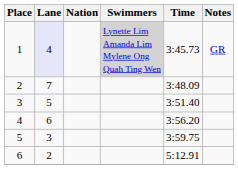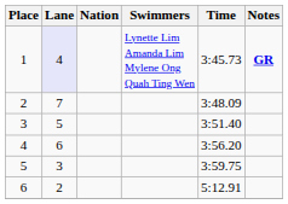 <table class="wikitable sortable" style="text-align:center">
 <tr>
 <th>Place</th>
 <th>Lane</th>
 <th>Nation</th>
 <th>Swimmers</th>
 <th>Time</th>
 <th>Notes</th>
 </tr>
 <tr>
 <td>1</td>
 <td style="background: lavender;">4</td>
 <td align=left></td>
-<td align=left style="background: lightgrey;"><small> <a href='#'>Lynette Lim</a> <br> <a href='#'>Amanda Lim</a> <br> <a href='#'>Mylene Ong</a> <br> <a href='#'>Quah Ting Wen</a> </small></td>
+<td align=left><small> <a href='#'>Lynette Lim</a> <br> <a href='#'>Amanda Lim</a> <br> <a href='#'>Mylene Ong</a> <br> <a href='#'>Quah Ting Wen</a> </small></td>
 <td>3:45.73</td>
-<td><a href='#'>GR</a></td>
+<td><strong><a href='#'>GR</a></strong></td>
 </tr>
 <tr>
 <td>2</td>
 <td>7</td>
 <td align=left></td>
 <td align=left></td>
 <td>3:48.09</td>
 <td></td>
 </tr>
 <tr>
 <td>3</td>
 <td>5</td>
 <td align=left></td>
 <td align=left></td>
 <td>3:51.40</td>
 <td></td>
 </tr>
 <tr>
 <td>4</td>
 <td>6</td>
 <td align=left></td>
 <td align=left></td>
 <td>3:56.20</td>
 <td></td>
 </tr>
 <tr>
 <td>5</td>
 <td>3</td>
 <td align=left></td>
 <td align=left></td>
 <td>3:59.75</td>
 <td></td>
 </tr>
 <tr>
 <td>6</td>
 <td>2</td>
 <td align=left></td>
 <td align=left></td>
 <td>5:12.91</td>
 <td></td>
 </tr>
 <tr>
 </tr>
 </table>
